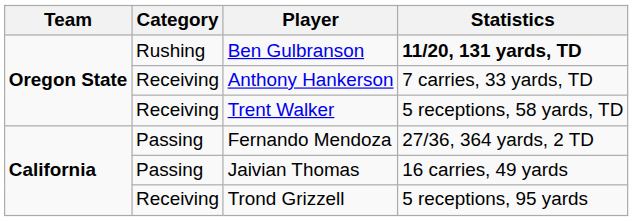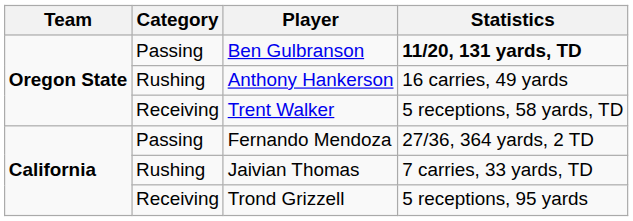 <table class="wikitable" style="float: right;">
 <tr>
 <th>Team</th>
 <th>Category</th>
 <th>Player</th>
 <th>Statistics</th>
 </tr>
 <tr>
 <td rowspan=3><strong>Oregon State</strong></td>
-<td>Rushing</td>
+<td>Passing</td>
 <td><a href='#'>Ben Gulbranson</a></td>
 <td><strong>11/20, 131 yards, TD</strong></td>
 </tr>
 <tr>
-<td>Receiving</td>
+<td>Rushing</td>
 <td><a href='#'>Anthony Hankerson</a></td>
-<td>7 carries, 33 yards, TD</td>
+<td>16 carries, 49 yards</td>
 </tr>
 <tr>
 <td>Receiving</td>
 <td><a href='#'>Trent Walker</a></td>
 <td>5 receptions, 58 yards, TD</td>
 </tr>
 <tr>
 <td rowspan=3><strong>California</strong></td>
 <td>Passing</td>
 <td>Fernando Mendoza</td>
 <td>27/36, 364 yards, 2 TD</td>
 </tr>
 <tr>
-<td>Passing</td>
+<td>Rushing</td>
 <td>Jaivian Thomas</td>
-<td>16 carries, 49 yards</td>
+<td>7 carries, 33 yards, TD</td>
 </tr>
 <tr>
 <td>Receiving</td>
 <td>Trond Grizzell</td>
 <td>5 receptions, 95 yards</td>
 </tr>
 </table>
